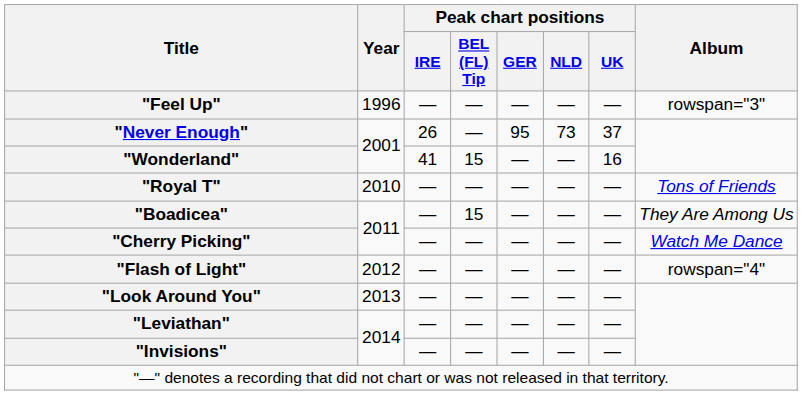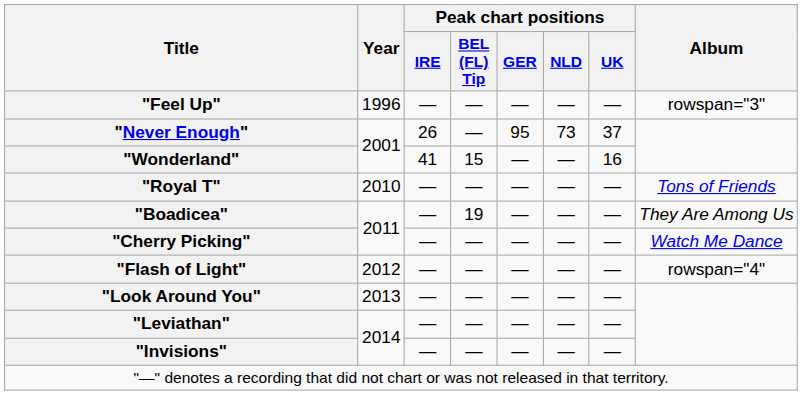 <table class="wikitable plainrowheaders" style="text-align:center">
 <tr>
 <th scope="col" rowspan="2" style="width:20em;">Title</th>
 <th scope="col" rowspan="2" style="width:1em;">Year</th>
 <th scope="col" colspan="5">Peak chart positions</th>
 <th scope="col" rowspan="2">Album</th>
 </tr>
 <tr>
 <th scope="col" style="width:2.5em;font-size:90%;"><a href='#'>IRE</a><br></th>
 <th scope="col" style="width:2.5em;font-size:90%;"><a href='#'>BEL<br>(FL)<br>Tip</a><br></th>
 <th scope="col" style="width:2.5em;font-size:90%;"><a href='#'>GER</a><br></th>
 <th scope="col" style="width:2.5em;font-size:90%;"><a href='#'>NLD</a><br></th>
 <th scope="col" style="width:2.5em;font-size:90%;"><a href='#'>UK</a><br></th>
 </tr>
 <tr>
 <th scope="row">"Feel Up"<br></th>
 <td>1996</td>
 <td>—</td>
 <td>—</td>
 <td>—</td>
 <td>—</td>
 <td>—</td>
 <td>rowspan="3" </td>
 </tr>
 <tr>
 <th scope="row">"<a href='#'>Never Enough</a>"<br></th>
 <td rowspan="2">2001</td>
 <td>26</td>
 <td>—</td>
 <td>95</td>
 <td>73</td>
 <td>37</td>
 </tr>
 <tr>
 <th scope="row">"Wonderland"<br></th>
 <td>41</td>
 <td>15</td>
 <td>—</td>
 <td>—</td>
 <td>16</td>
 </tr>
 <tr>
 <th scope="row">"Royal T"<br></th>
 <td>2010</td>
 <td>—</td>
 <td>—</td>
 <td>—</td>
 <td>—</td>
 <td>—</td>
 <td><em><a href='#'>Tons of Friends</a></em></td>
 </tr>
 <tr>
 <th scope="row">"Boadicea"<br></th>
 <td rowspan="2">2011</td>
 <td>—</td>
-<td>15</td>
+<td>19</td>
 <td>—</td>
 <td>—</td>
 <td>—</td>
 <td><em>They Are Among Us</em></td>
 </tr>
 <tr>
 <th scope="row">"Cherry Picking"<br></th>
 <td>—</td>
 <td>—</td>
 <td>—</td>
 <td>—</td>
 <td>—</td>
 <td><em><a href='#'>Watch Me Dance</a></em></td>
 </tr>
 <tr>
 <th scope="row">"Flash of Light"<br></th>
 <td>2012</td>
 <td>—</td>
 <td>—</td>
 <td>—</td>
 <td>—</td>
 <td>—</td>
 <td>rowspan="4" </td>
 </tr>
 <tr>
 <th scope="row">"Look Around You"<br></th>
 <td>2013</td>
 <td>—</td>
 <td>—</td>
 <td>—</td>
 <td>—</td>
 <td>—</td>
 </tr>
 <tr>
 <th scope="row">"Leviathan"<br></th>
 <td rowspan="2">2014</td>
 <td>—</td>
 <td>—</td>
 <td>—</td>
 <td>—</td>
 <td>—</td>
 </tr>
 <tr>
 <th scope="row">"Invisions"<br></th>
 <td>—</td>
 <td>—</td>
 <td>—</td>
 <td>—</td>
 <td>—</td>
 </tr>
 <tr>
 <td colspan="8" style="font-size:90%">"—" denotes a recording that did not chart or was not released in that territory.</td>
 </tr>
 </table>
